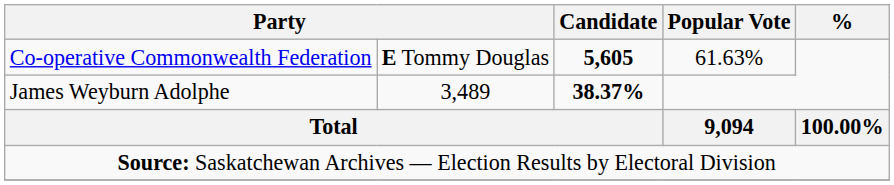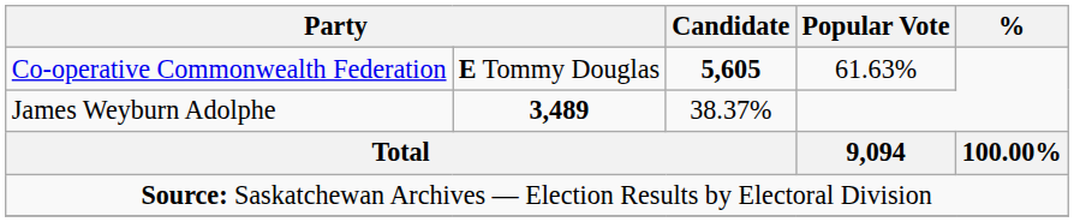 <table class="wikitable">
 <tr>
 <th colspan="2">Party</th>
 <th>Candidate</th>
 <th>Popular Vote</th>
 <th>%</th>
 </tr>
 <tr>
 <td><a href='#'>Co-operative Commonwealth Federation</a></td>
 <td><strong>E</strong> Tommy Douglas</td>
 <td align=center><strong>5,605</strong></td>
 <td align=center>61.63%</td>
 </tr>
 <tr>
 <td>James Weyburn Adolphe</td>
-<td align=center>3,489</td>
-<td align=center><strong>38.37%</strong></td>
+<td align=center><strong>3,489</strong></td>
+<td align=center>38.37%</td>
 </tr>
 <tr>
 <th colspan=3>Total</th>
 <th>9,094</th>
 <th>100.00%</th>
 </tr>
 <tr>
 <td align="center" colspan=5><strong>Source:</strong> Saskatchewan Archives — Election Results by Electoral Division</td>
 </tr>
 <tr>
 </tr>
 </table>
